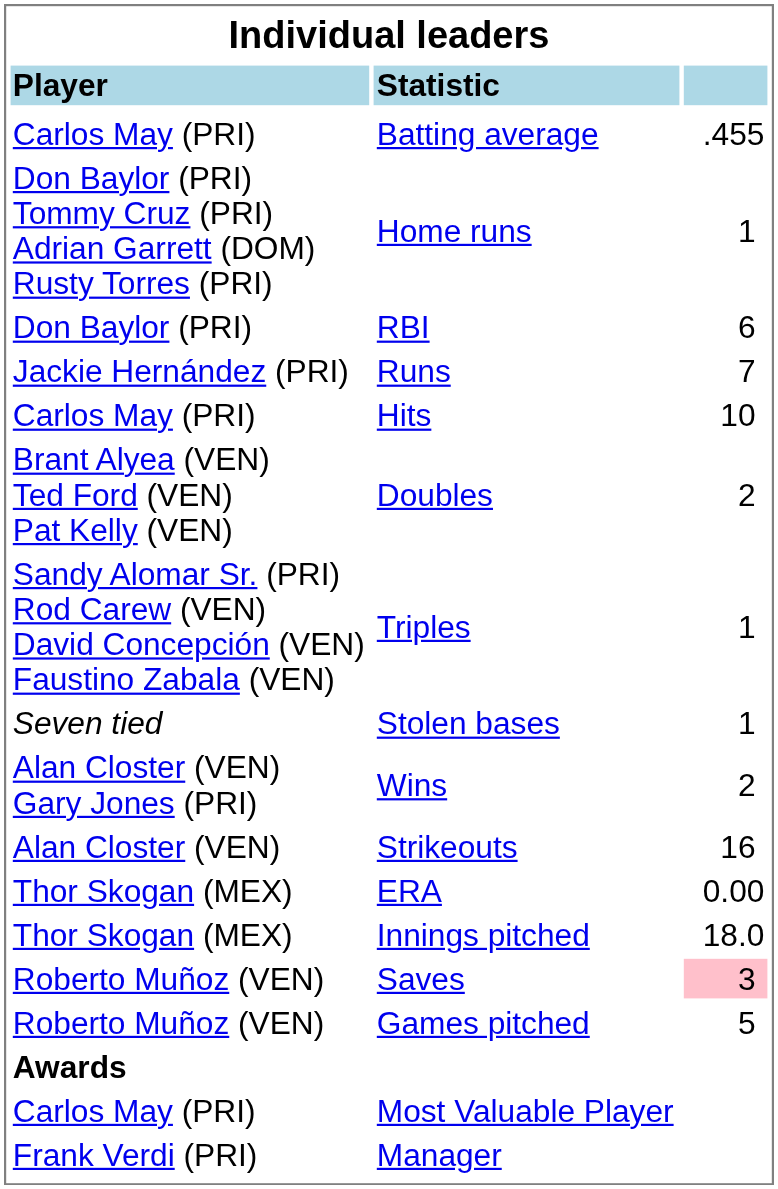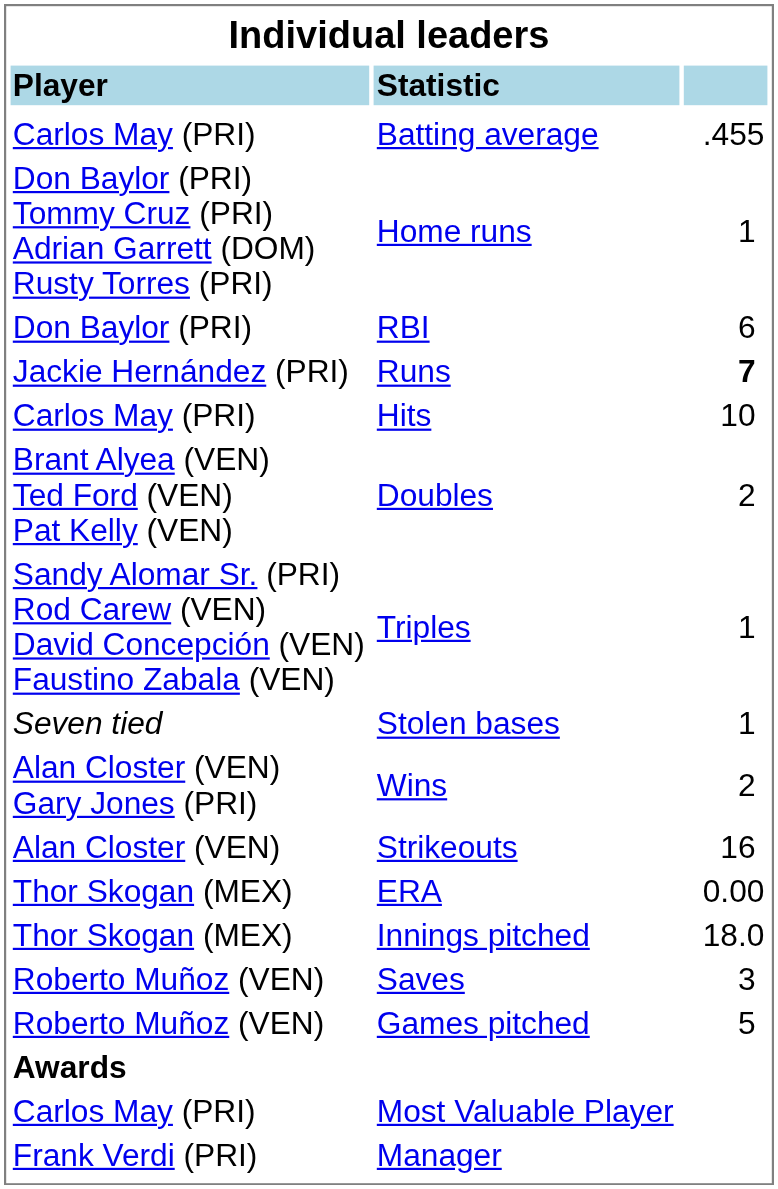 <table cellpadding="1" width="350px" style="font-size: 90%; border: 1px solid gray;">
 <tr align="center" style="font-size: larger;">
 <td colspan=6><strong>Individual leaders</strong></td>
 </tr>
 <tr style="background:lightblue;">
 <td><strong>Player</strong></td>
 <td><strong>Statistic</strong></td>
 <td></td>
 </tr>
 <tr align="center" style="vertical-align: middle;" style="background:lightblue;">
 </tr>
 <tr>
 <td><a href='#'>Carlos May</a> (PRI)</td>
 <td><a href='#'>Batting average</a></td>
 <td>  .455</td>
 </tr>
 <tr>
 <td><a href='#'>Don Baylor</a> (PRI) <br> <a href='#'>Tommy Cruz</a> (PRI) <br> <a href='#'>Adrian Garrett</a> (DOM) <br> <a href='#'>Rusty Torres</a> (PRI)</td>
 <td><a href='#'>Home runs</a></td>
 <td>      1</td>
 </tr>
 <tr>
 <td><a href='#'>Don Baylor</a> (PRI)</td>
 <td><a href='#'>RBI</a></td>
 <td>      6</td>
 </tr>
 <tr>
 <td><a href='#'>Jackie Hernández</a> (PRI)</td>
 <td><a href='#'>Runs</a></td>
-<td>      7</td>
+<td><strong>      7</strong></td>
 </tr>
 <tr>
 <td><a href='#'>Carlos May</a> (PRI)</td>
 <td><a href='#'>Hits</a></td>
 <td>    10</td>
 </tr>
 <tr>
 <td><a href='#'>Brant Alyea</a> (VEN) <br> <a href='#'>Ted Ford</a> (VEN) <br> <a href='#'>Pat Kelly</a> (VEN) <br></td>
 <td><a href='#'>Doubles</a></td>
 <td>       2</td>
 </tr>
 <tr>
 <td><a href='#'>Sandy Alomar Sr.</a> (PRI) <br> <a href='#'>Rod Carew</a> (VEN) <br> <a href='#'>David Concepción</a> (VEN) <br> <a href='#'>Faustino Zabala</a> (VEN)</td>
 <td><a href='#'>Triples</a></td>
 <td>      1</td>
 </tr>
 <tr>
 <td><em>Seven tied</em></td>
 <td><a href='#'>Stolen bases</a></td>
 <td>      1</td>
 </tr>
 <tr>
 <td><a href='#'>Alan Closter</a> (VEN) <br> <a href='#'>Gary Jones</a> (PRI)</td>
 <td><a href='#'>Wins</a></td>
 <td>      2</td>
 </tr>
 <tr>
 <td><a href='#'>Alan Closter</a> (VEN)</td>
 <td><a href='#'>Strikeouts</a></td>
 <td>    16</td>
 </tr>
 <tr>
 <td><a href='#'>Thor Skogan</a> (MEX)</td>
 <td><a href='#'>ERA</a></td>
 <td>  0.00</td>
 </tr>
 <tr>
 <td><a href='#'>Thor Skogan</a> (MEX)</td>
 <td><a href='#'>Innings pitched</a></td>
 <td>  18.0</td>
 </tr>
 <tr>
 <td><a href='#'>Roberto Muñoz</a> (VEN)</td>
 <td><a href='#'>Saves</a></td>
-<td style="background: pink;">      3</td>
+<td>      3</td>
 </tr>
 <tr>
 <td><a href='#'>Roberto Muñoz</a> (VEN)</td>
 <td><a href='#'>Games pitched</a></td>
 <td>      5</td>
 </tr>
 <tr>
 <td><strong>Awards</strong></td>
 </tr>
 <tr>
 <td><a href='#'>Carlos May</a> (PRI)</td>
 <td><a href='#'>Most Valuable Player</a></td>
 </tr>
 <tr>
 <td><a href='#'>Frank Verdi</a> (PRI)</td>
 <td><a href='#'>Manager</a></td>
 </tr>
 <tr>
 </tr>
 </table>
